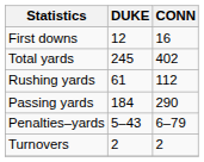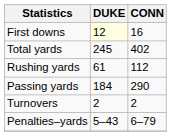 <table class="wikitable" style="float: left;">
 <tr>
 <th>Statistics</th>
 <th>DUKE</th>
 <th>CONN</th>
 </tr>
 <tr>
 <td>First downs</td>
-<td>12</td>
+<td style="background: lightyellow;">12</td>
 <td>16</td>
 </tr>
 <tr>
 <td>Total yards</td>
 <td>245</td>
 <td>402</td>
 </tr>
 <tr>
 <td>Rushing yards</td>
 <td>61</td>
 <td>112</td>
 </tr>
 <tr>
 <td>Passing yards</td>
 <td>184</td>
 <td>290</td>
 </tr>
 <tr>
+<td>Turnovers</td>
+<td>2</td>
+<td>2</td>
+</tr>
+<tr>
 <td>Penalties–yards</td>
 <td>5–43</td>
 <td>6–79</td>
 </tr>
 <tr>
-<td>Turnovers</td>
-<td>2</td>
-<td>2</td>
-</tr>
-<tr>
 </tr>
 </table>
